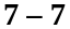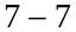 <table style="text-align:center">
 <tr>
 <th width=200></th>
 <th width=100></th>
 <th width=200></th>
 </tr>
 <tr>
 <td align=right><strong></strong></td>
-<td><strong>7 – 7</strong></td>
+<td>7 – 7</td>
 <td align=left><strong></strong></td>
 </tr>
 </table>
